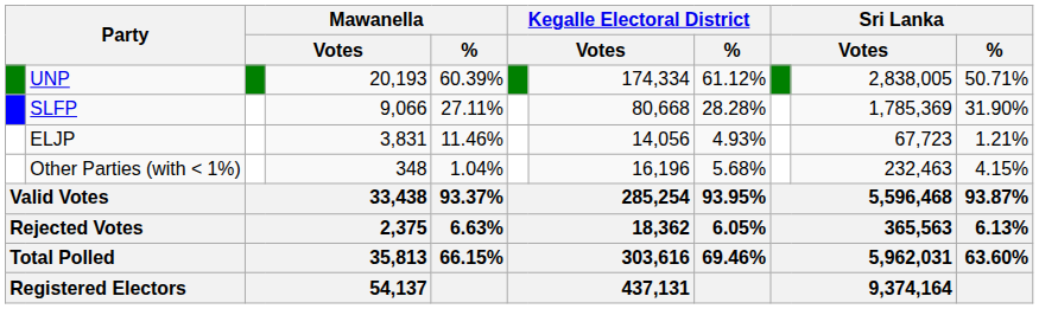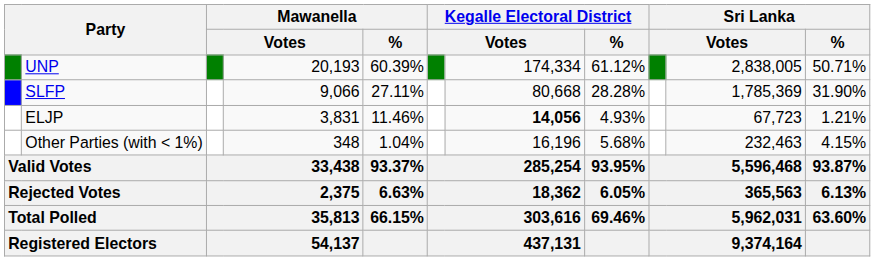 <table class="wikitable">
 <tr>
 <th colspan="2" width="144px"rowspan="2">Party</th>
 <th colspan="3" width="216px">Mawanella</th>
 <th colspan="3" width="216px"><a href='#'>Kegalle Electoral District</a></th>
 <th colspan="3" width="216px">Sri Lanka</th>
 </tr>
 <tr>
 <th colspan="2" width="144px">Votes</th>
 <th>%</th>
 <th colspan="2" width="144px">Votes</th>
 <th>%</th>
 <th colspan="2" width="144px">Votes</th>
 <th>%</th>
 </tr>
 <tr>
 <td style="background-color:green;" width="10px"></td>
 <td style="text-align:left;"><a href='#'>UNP</a></td>
 <td style="background-color:green;" width="10px"></td>
 <td style="text-align:right;">20,193</td>
 <td style="text-align:right;">60.39%</td>
 <td style="background-color:green;" width="10px"></td>
 <td style="text-align:right;">174,334</td>
 <td style="text-align:right;">61.12%</td>
 <td style="background-color:green;" width="10px"></td>
 <td style="text-align:right;">2,838,005</td>
 <td style="text-align:right;">50.71%</td>
 </tr>
 <tr>
 <td style="background-color:blue;" width="10px"></td>
 <td style="text-align:left;"><a href='#'>SLFP</a></td>
 <td style="background-color:white;" width="10px"></td>
 <td style="text-align:right;">9,066</td>
 <td style="text-align:right;">27.11%</td>
 <td style="background-color:white;" width="10px"></td>
 <td style="text-align:right;">80,668</td>
 <td style="text-align:right;">28.28%</td>
 <td style="background-color:white;" width="10px"></td>
 <td style="text-align:right;">1,785,369</td>
 <td style="text-align:right;">31.90%</td>
 </tr>
 <tr>
 <td style="background-color:white;" width="10px"></td>
 <td style="text-align:left;">ELJP</td>
 <td style="background-color:white;" width="10px"></td>
 <td style="text-align:right;">3,831</td>
 <td style="text-align:right;">11.46%</td>
 <td style="background-color:white;" width="10px"></td>
-<td style="text-align:right;">14,056</td>
+<td style="text-align:right;"><strong>14,056</strong></td>
 <td style="text-align:right;">4.93%</td>
 <td style="background-color:white;" width="10px"></td>
 <td style="text-align:right;">67,723</td>
 <td style="text-align:right;">1.21%</td>
 </tr>
 <tr>
 <td style="background-color:white;" width="10px"></td>
 <td style="text-align:left;">Other Parties (with < 1%)</td>
 <td style="background-color:white;" width="10px"></td>
 <td style="text-align:right;">348</td>
 <td style="text-align:right;">1.04%</td>
 <td style="background-color:white;" width="10px"></td>
 <td style="text-align:right;">16,196</td>
 <td style="text-align:right;">5.68%</td>
 <td style="background-color:white;" width="10px"></td>
 <td style="text-align:right;">232,463</td>
 <td style="text-align:right;">4.15%</td>
 </tr>
 <tr>
 <th colspan="2" width="144px"style="text-align:left;">Valid Votes</th>
 <th style="text-align:right;"colspan="2" width="144px">33,438</th>
 <th style="text-align:right;">93.37%</th>
 <th style="text-align:right;"colspan="2" width="144px">285,254</th>
 <th style="text-align:right;">93.95%</th>
 <th style="text-align:right;"colspan="2" width="144px">5,596,468</th>
 <th style="text-align:right;">93.87%</th>
 </tr>
 <tr>
 <th colspan="2" width="144px"style="text-align:left;">Rejected Votes</th>
 <th style="text-align:right;"colspan="2" width="144px">2,375</th>
 <th style="text-align:right;">6.63%</th>
 <th style="text-align:right;"colspan="2" width="144px">18,362</th>
 <th style="text-align:right;">6.05%</th>
 <th style="text-align:right;"colspan="2" width="144px">365,563</th>
 <th style="text-align:right;">6.13%</th>
 </tr>
 <tr>
 <th colspan="2" width="144px"style="text-align:left;">Total Polled</th>
 <th style="text-align:right;"colspan="2" width="144px">35,813</th>
 <th style="text-align:right;">66.15%</th>
 <th style="text-align:right;"colspan="2" width="144px">303,616</th>
 <th style="text-align:right;">69.46%</th>
 <th style="text-align:right;"colspan="2" width="144px">5,962,031</th>
 <th style="text-align:right;">63.60%</th>
 </tr>
 <tr>
 <th colspan="2" width="144px"style="text-align:left;">Registered Electors</th>
 <th style="text-align:right;"colspan="2" width="144px">54,137</th>
 <th></th>
 <th style="text-align:right;"colspan="2" width="144px">437,131</th>
 <th></th>
 <th style="text-align:right;"colspan="2" width="144px">9,374,164</th>
 <th></th>
 </tr>
 </table>
